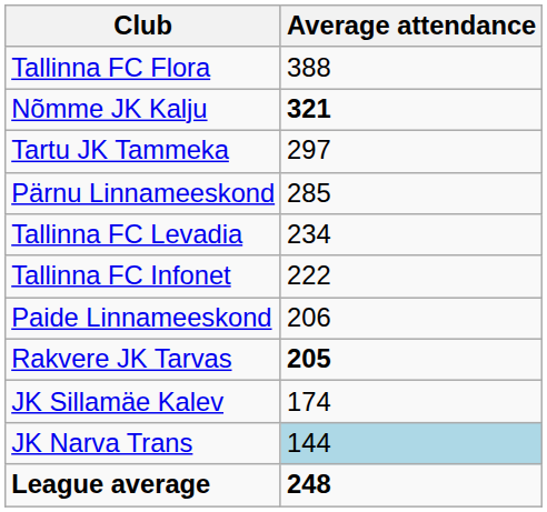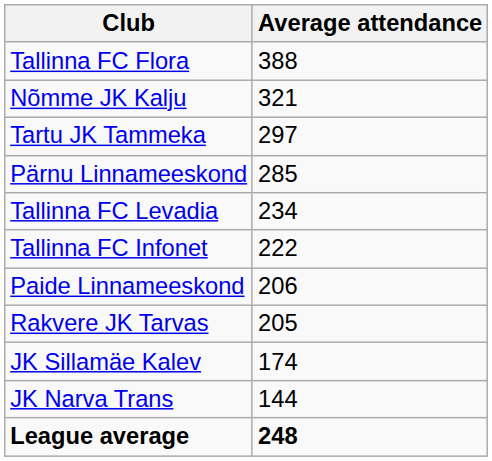 <table class="wikitable sortable">
 <tr>
 <th>Club</th>
 <th>Average attendance</th>
 </tr>
 <tr>
 <td><a href='#'>Tallinna FC Flora</a></td>
 <td>388</td>
 </tr>
 <tr>
 <td><a href='#'>Nõmme JK Kalju</a></td>
-<td><strong>321</strong></td>
+<td>321</td>
 </tr>
 <tr>
 <td><a href='#'>Tartu JK Tammeka</a></td>
 <td>297</td>
 </tr>
 <tr>
 <td><a href='#'>Pärnu Linnameeskond</a></td>
 <td>285</td>
 </tr>
 <tr>
 <td><a href='#'>Tallinna FC Levadia</a></td>
 <td>234</td>
 </tr>
 <tr>
 <td><a href='#'>Tallinna FC Infonet</a></td>
 <td>222</td>
 </tr>
 <tr>
 <td><a href='#'>Paide Linnameeskond</a></td>
 <td>206</td>
 </tr>
 <tr>
 <td><a href='#'>Rakvere JK Tarvas</a></td>
-<td><strong>205</strong></td>
+<td>205</td>
 </tr>
 <tr>
 <td><a href='#'>JK Sillamäe Kalev</a></td>
 <td>174</td>
 </tr>
 <tr>
 <td><a href='#'>JK Narva Trans</a></td>
-<td style="background: lightblue;">144</td>
+<td>144</td>
 </tr>
 <tr>
 <td><strong>League average</strong></td>
 <td><strong>248</strong></td>
 </tr>
 </table>
